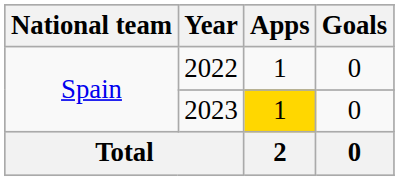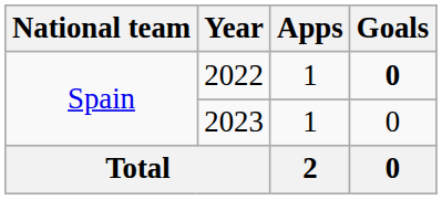 <table class="wikitable" style="text-align:center">
 <tr>
 <th>National team</th>
 <th>Year</th>
 <th>Apps</th>
 <th>Goals</th>
 </tr>
 <tr>
 <td rowspan="2"><a href='#'>Spain</a></td>
 <td>2022</td>
 <td>1</td>
-<td>0</td>
+<td><strong>0</strong></td>
 </tr>
 <tr>
 <td>2023</td>
-<td style="background: gold;">1</td>
+<td>1</td>
 <td>0</td>
 </tr>
 <tr>
 <th colspan="2">Total</th>
 <th>2</th>
 <th>0</th>
 </tr>
 </table>
